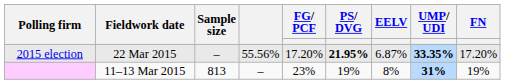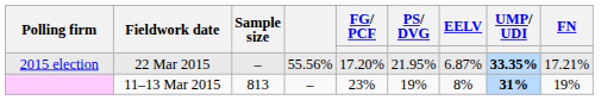 <table class="wikitable sortable" style="text-align:center;font-size:90%;line-height:14px;">
 <tr style="height:40px;">
 <th style="width:100px;" rowspan="2">Polling firm</th>
 <th style="width:110px;" rowspan="2">Fieldwork date</th>
 <th style="width:35px;" rowspan="2">Sample<br>size</th>
 <th style="width:30px;" rowspan="2"></th>
 <th class="unsortable" style="width:40px;"><a href='#'>FG</a>/<br><a href='#'>PCF</a></th>
 <th class="unsortable" style="width:40px;"><a href='#'>PS</a>/<br><a href='#'>DVG</a></th>
 <th class="unsortable" style="width:40px;"><a href='#'>EELV</a></th>
 <th class="unsortable" style="width:40px;"><a href='#'>UMP</a>/<br><a href='#'>UDI</a></th>
 <th class="unsortable" style="width:40px;"><a href='#'>FN</a></th>
 </tr>
 <tr>
 <th style="background:"></th>
 <th style="background:"></th>
 <th style="background:"></th>
 <th style="background:"></th>
 <th style="background:"></th>
 </tr>
 <tr style="background:#E9E9E9;">
 <td><a href='#'>2015 election</a></td>
 <td data-sort-value="2015-03-22">22 Mar 2015</td>
 <td>–</td>
 <td>55.56%</td>
 <td>17.20%</td>
-<td><strong>21.95%</strong></td>
+<td>21.95%</td>
 <td>6.87%</td>
 <td style="background:#B9DAFF;"><strong>33.35%</strong></td>
-<td>17.20%</td>
+<td>17.21%</td>
 </tr>
 <tr>
 <td style="background:#FFCCFF;"></td>
 <td data-sort-value="2015-03-13">11–13 Mar 2015</td>
 <td>813</td>
 <td>–</td>
 <td>23%</td>
 <td>19%</td>
 <td>8%</td>
 <td style="background:#B9DAFF;"><strong>31%</strong></td>
 <td>19%</td>
 </tr>
 </table>
